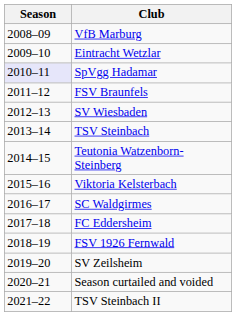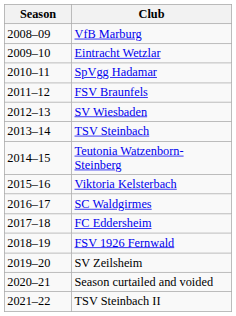 <table class="wikitable">
 <tr align="center" bgcolor="#dfdfdf">
 <th width="80">Season</th>
 <th width="200">Club</th>
 </tr>
 <tr>
 <td>2008–09</td>
 <td><a href='#'>VfB Marburg</a></td>
 </tr>
 <tr>
 <td>2009–10</td>
 <td><a href='#'>Eintracht Wetzlar</a></td>
 </tr>
 <tr>
-<td style="background: lavender;">2010–11</td>
+<td>2010–11</td>
 <td><a href='#'>SpVgg Hadamar</a></td>
 </tr>
 <tr>
 <td>2011–12</td>
 <td><a href='#'>FSV Braunfels</a></td>
 </tr>
 <tr>
 <td>2012–13</td>
 <td><a href='#'>SV Wiesbaden</a></td>
 </tr>
 <tr>
 <td>2013–14</td>
 <td><a href='#'>TSV Steinbach</a></td>
 </tr>
 <tr>
 <td>2014–15</td>
 <td><a href='#'>Teutonia Watzenborn-Steinberg</a></td>
 </tr>
 <tr>
 <td>2015–16</td>
 <td><a href='#'>Viktoria Kelsterbach</a></td>
 </tr>
 <tr>
 <td>2016–17</td>
 <td><a href='#'>SC Waldgirmes</a></td>
 </tr>
 <tr>
 <td>2017–18</td>
 <td><a href='#'>FC Eddersheim</a></td>
 </tr>
 <tr>
 <td>2018–19</td>
 <td><a href='#'>FSV 1926 Fernwald</a></td>
 </tr>
 <tr>
 <td>2019–20</td>
 <td>SV Zeilsheim</td>
 </tr>
 <tr>
 <td>2020–21</td>
 <td>Season curtailed and voided</td>
 </tr>
 <tr>
 <td>2021–22</td>
 <td>TSV Steinbach II</td>
 </tr>
 </table>
